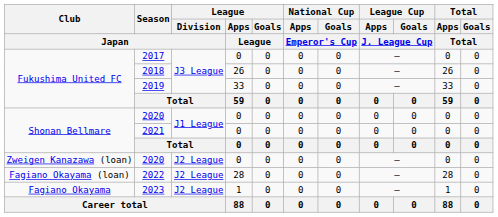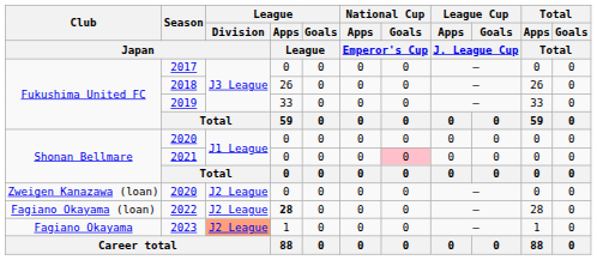 <table class="wikitable" style="text-align:center">
 <tr>
 <th rowspan=2>Club</th>
 <th rowspan=2>Season</th>
 <th colspan=3>League</th>
 <th colspan=2>National Cup</th>
 <th colspan=2>League Cup</th>
 <th colspan=2>Total</th>
 </tr>
 <tr>
 <th>Division</th>
 <th>Apps</th>
 <th>Goals</th>
 <th>Apps</th>
 <th>Goals</th>
 <th>Apps</th>
 <th>Goals</th>
 <th>Apps</th>
 <th>Goals</th>
 </tr>
 <tr>
 <th colspan=3>Japan</th>
 <th colspan=2>League</th>
 <th colspan=2><a href='#'>Emperor's Cup</a></th>
 <th colspan=2><a href='#'>J. League Cup</a></th>
 <th colspan=2>Total</th>
 </tr>
 <tr>
 <td rowspan="4"><a href='#'>Fukushima United FC</a></td>
 <td><a href='#'>2017</a></td>
 <td rowspan="3"><a href='#'>J3 League</a></td>
 <td>0</td>
 <td>0</td>
 <td>0</td>
 <td>0</td>
 <td colspan="2">–</td>
 <td>0</td>
 <td>0</td>
 </tr>
 <tr>
 <td><a href='#'>2018</a></td>
 <td>26</td>
 <td>0</td>
 <td>0</td>
 <td>0</td>
 <td colspan="2">–</td>
 <td>26</td>
 <td>0</td>
 </tr>
 <tr>
 <td><a href='#'>2019</a></td>
 <td>33</td>
 <td>0</td>
 <td>0</td>
 <td>0</td>
 <td colspan="2">–</td>
 <td>33</td>
 <td>0</td>
 </tr>
 <tr>
 <th colspan="2">Total</th>
 <th>59</th>
 <th>0</th>
 <th>0</th>
 <th>0</th>
 <th>0</th>
 <th>0</th>
 <th>59</th>
 <th>0</th>
 </tr>
 <tr>
 <td rowspan="3"><a href='#'>Shonan Bellmare</a></td>
 <td><a href='#'>2020</a></td>
 <td rowspan="2"><a href='#'>J1 League</a></td>
 <td>0</td>
 <td>0</td>
 <td>0</td>
 <td>0</td>
 <td>0</td>
 <td>0</td>
 <td>0</td>
 <td>0</td>
 </tr>
 <tr>
 <td><a href='#'>2021</a></td>
 <td>0</td>
 <td>0</td>
 <td>0</td>
-<td>0</td>
+<td style="background: pink;">0</td>
 <td>0</td>
 <td>0</td>
 <td>0</td>
 <td>0</td>
 </tr>
 <tr>
 <th colspan="2">Total</th>
 <th>0</th>
 <th>0</th>
 <th>0</th>
 <th>0</th>
 <th>0</th>
 <th>0</th>
 <th>0</th>
 <th>0</th>
 </tr>
 <tr>
 <td><a href='#'>Zweigen Kanazawa</a> (loan)</td>
 <td><a href='#'>2020</a></td>
 <td><a href='#'>J2 League</a></td>
 <td>0</td>
 <td>0</td>
 <td>0</td>
 <td>0</td>
 <td colspan="2">–</td>
 <td>0</td>
 <td>0</td>
 </tr>
 <tr>
 <td><a href='#'>Fagiano Okayama</a> (loan)</td>
 <td><a href='#'>2022</a></td>
 <td><a href='#'>J2 League</a></td>
-<td>28</td>
+<td><strong>28</strong></td>
 <td>0</td>
 <td>0</td>
 <td>0</td>
 <td colspan="2">–</td>
 <td>28</td>
 <td>0</td>
 </tr>
 <tr>
 <td><a href='#'>Fagiano Okayama</a></td>
 <td><a href='#'>2023</a></td>
-<td><a href='#'>J2 League</a></td>
+<td style="background: lightsalmon;"><a href='#'>J2 League</a></td>
 <td>1</td>
 <td>0</td>
 <td>0</td>
 <td>0</td>
 <td colspan="2">–</td>
 <td>1</td>
 <td>0</td>
 </tr>
 <tr>
 <th colspan=3>Career total</th>
 <th>88</th>
 <th>0</th>
 <th>0</th>
 <th>0</th>
 <th>0</th>
 <th>0</th>
 <th>88</th>
 <th>0</th>
 </tr>
 </table>
